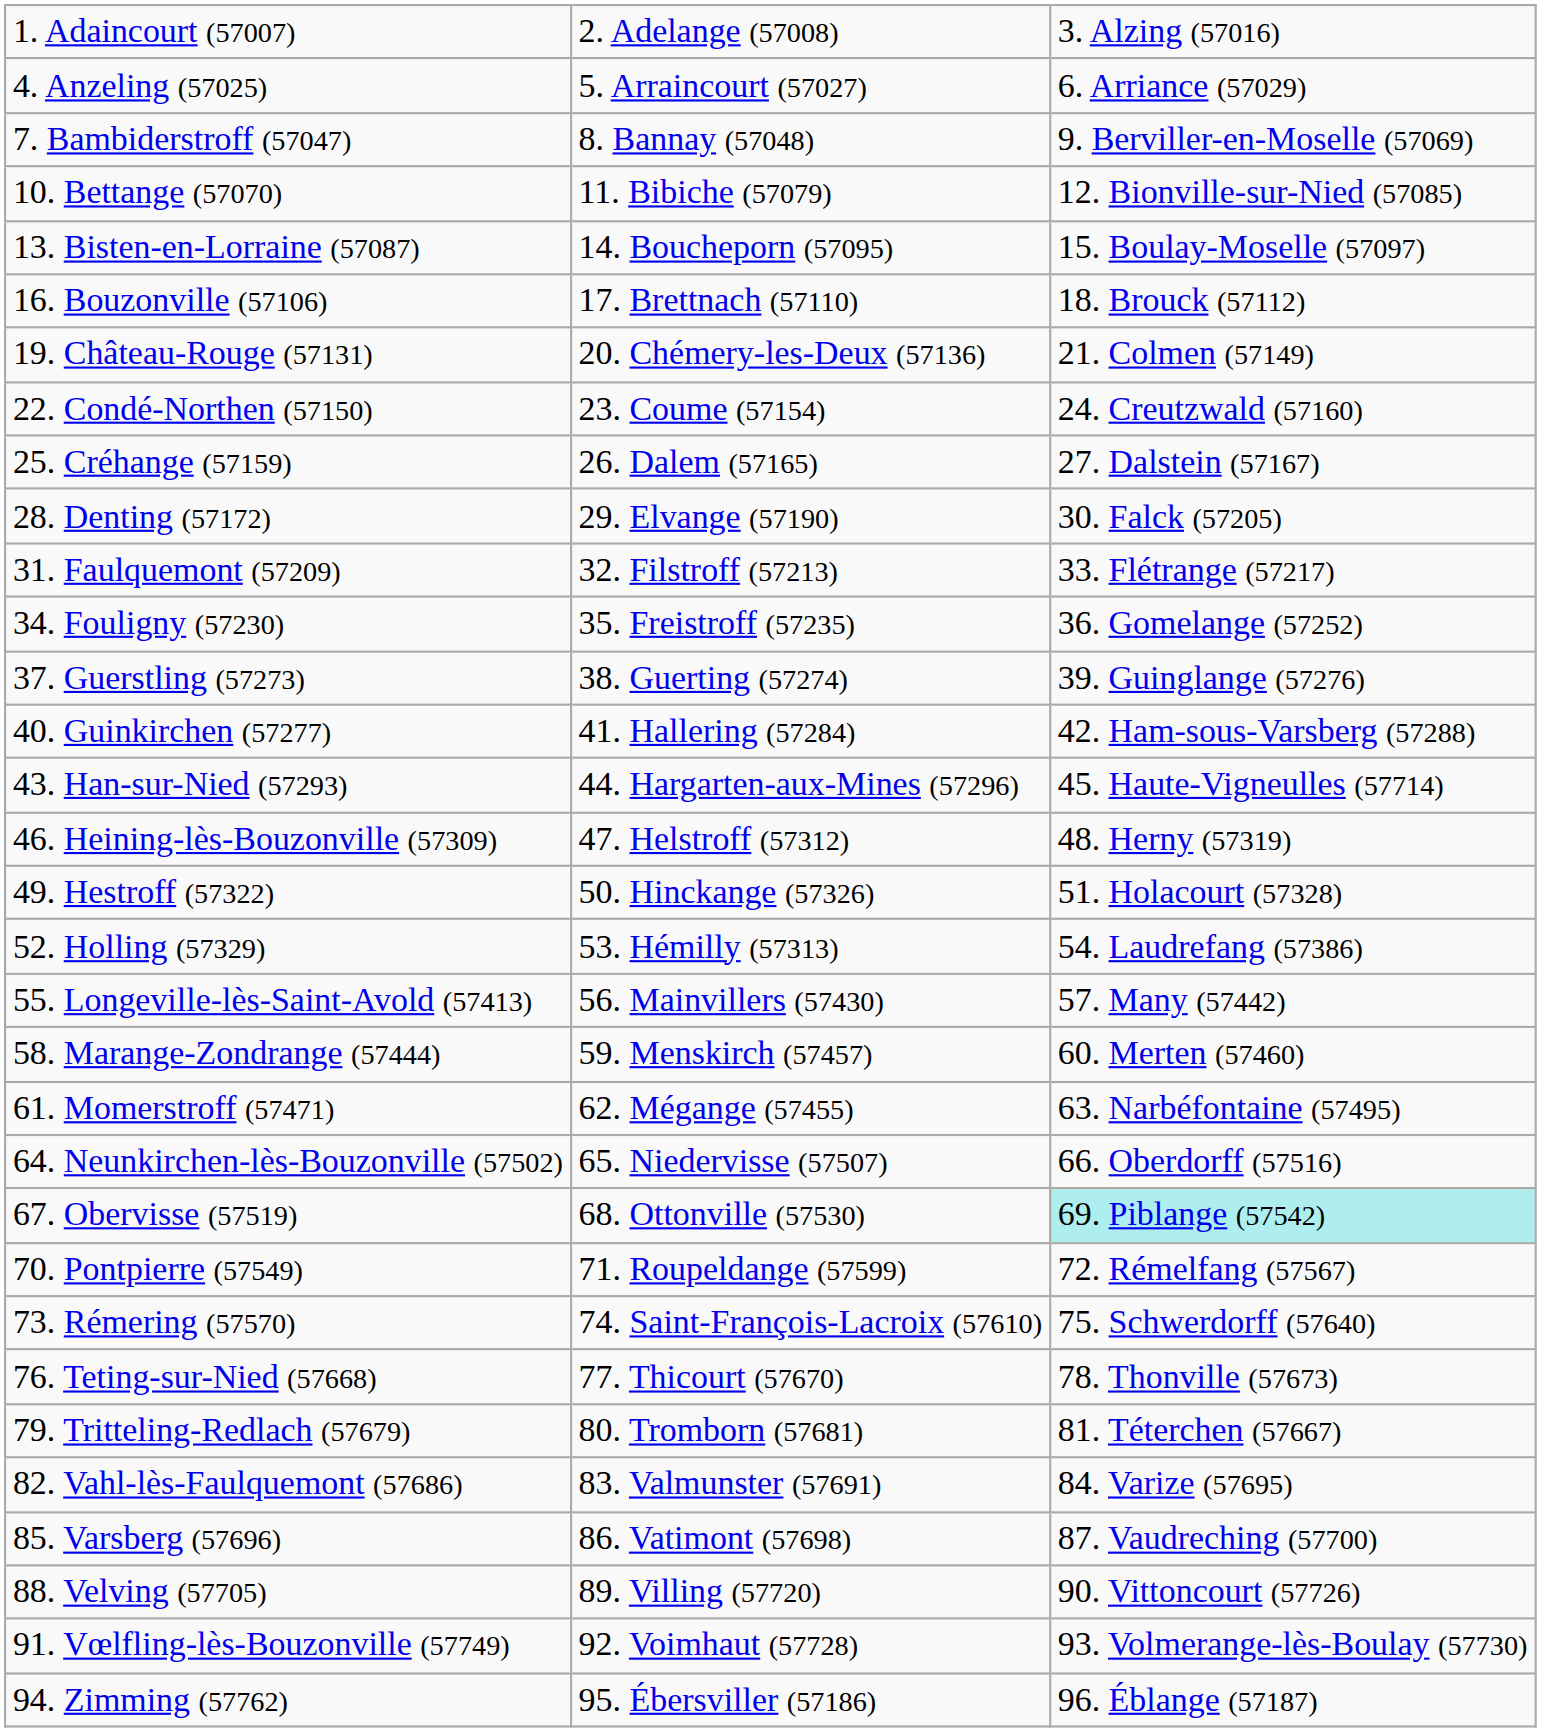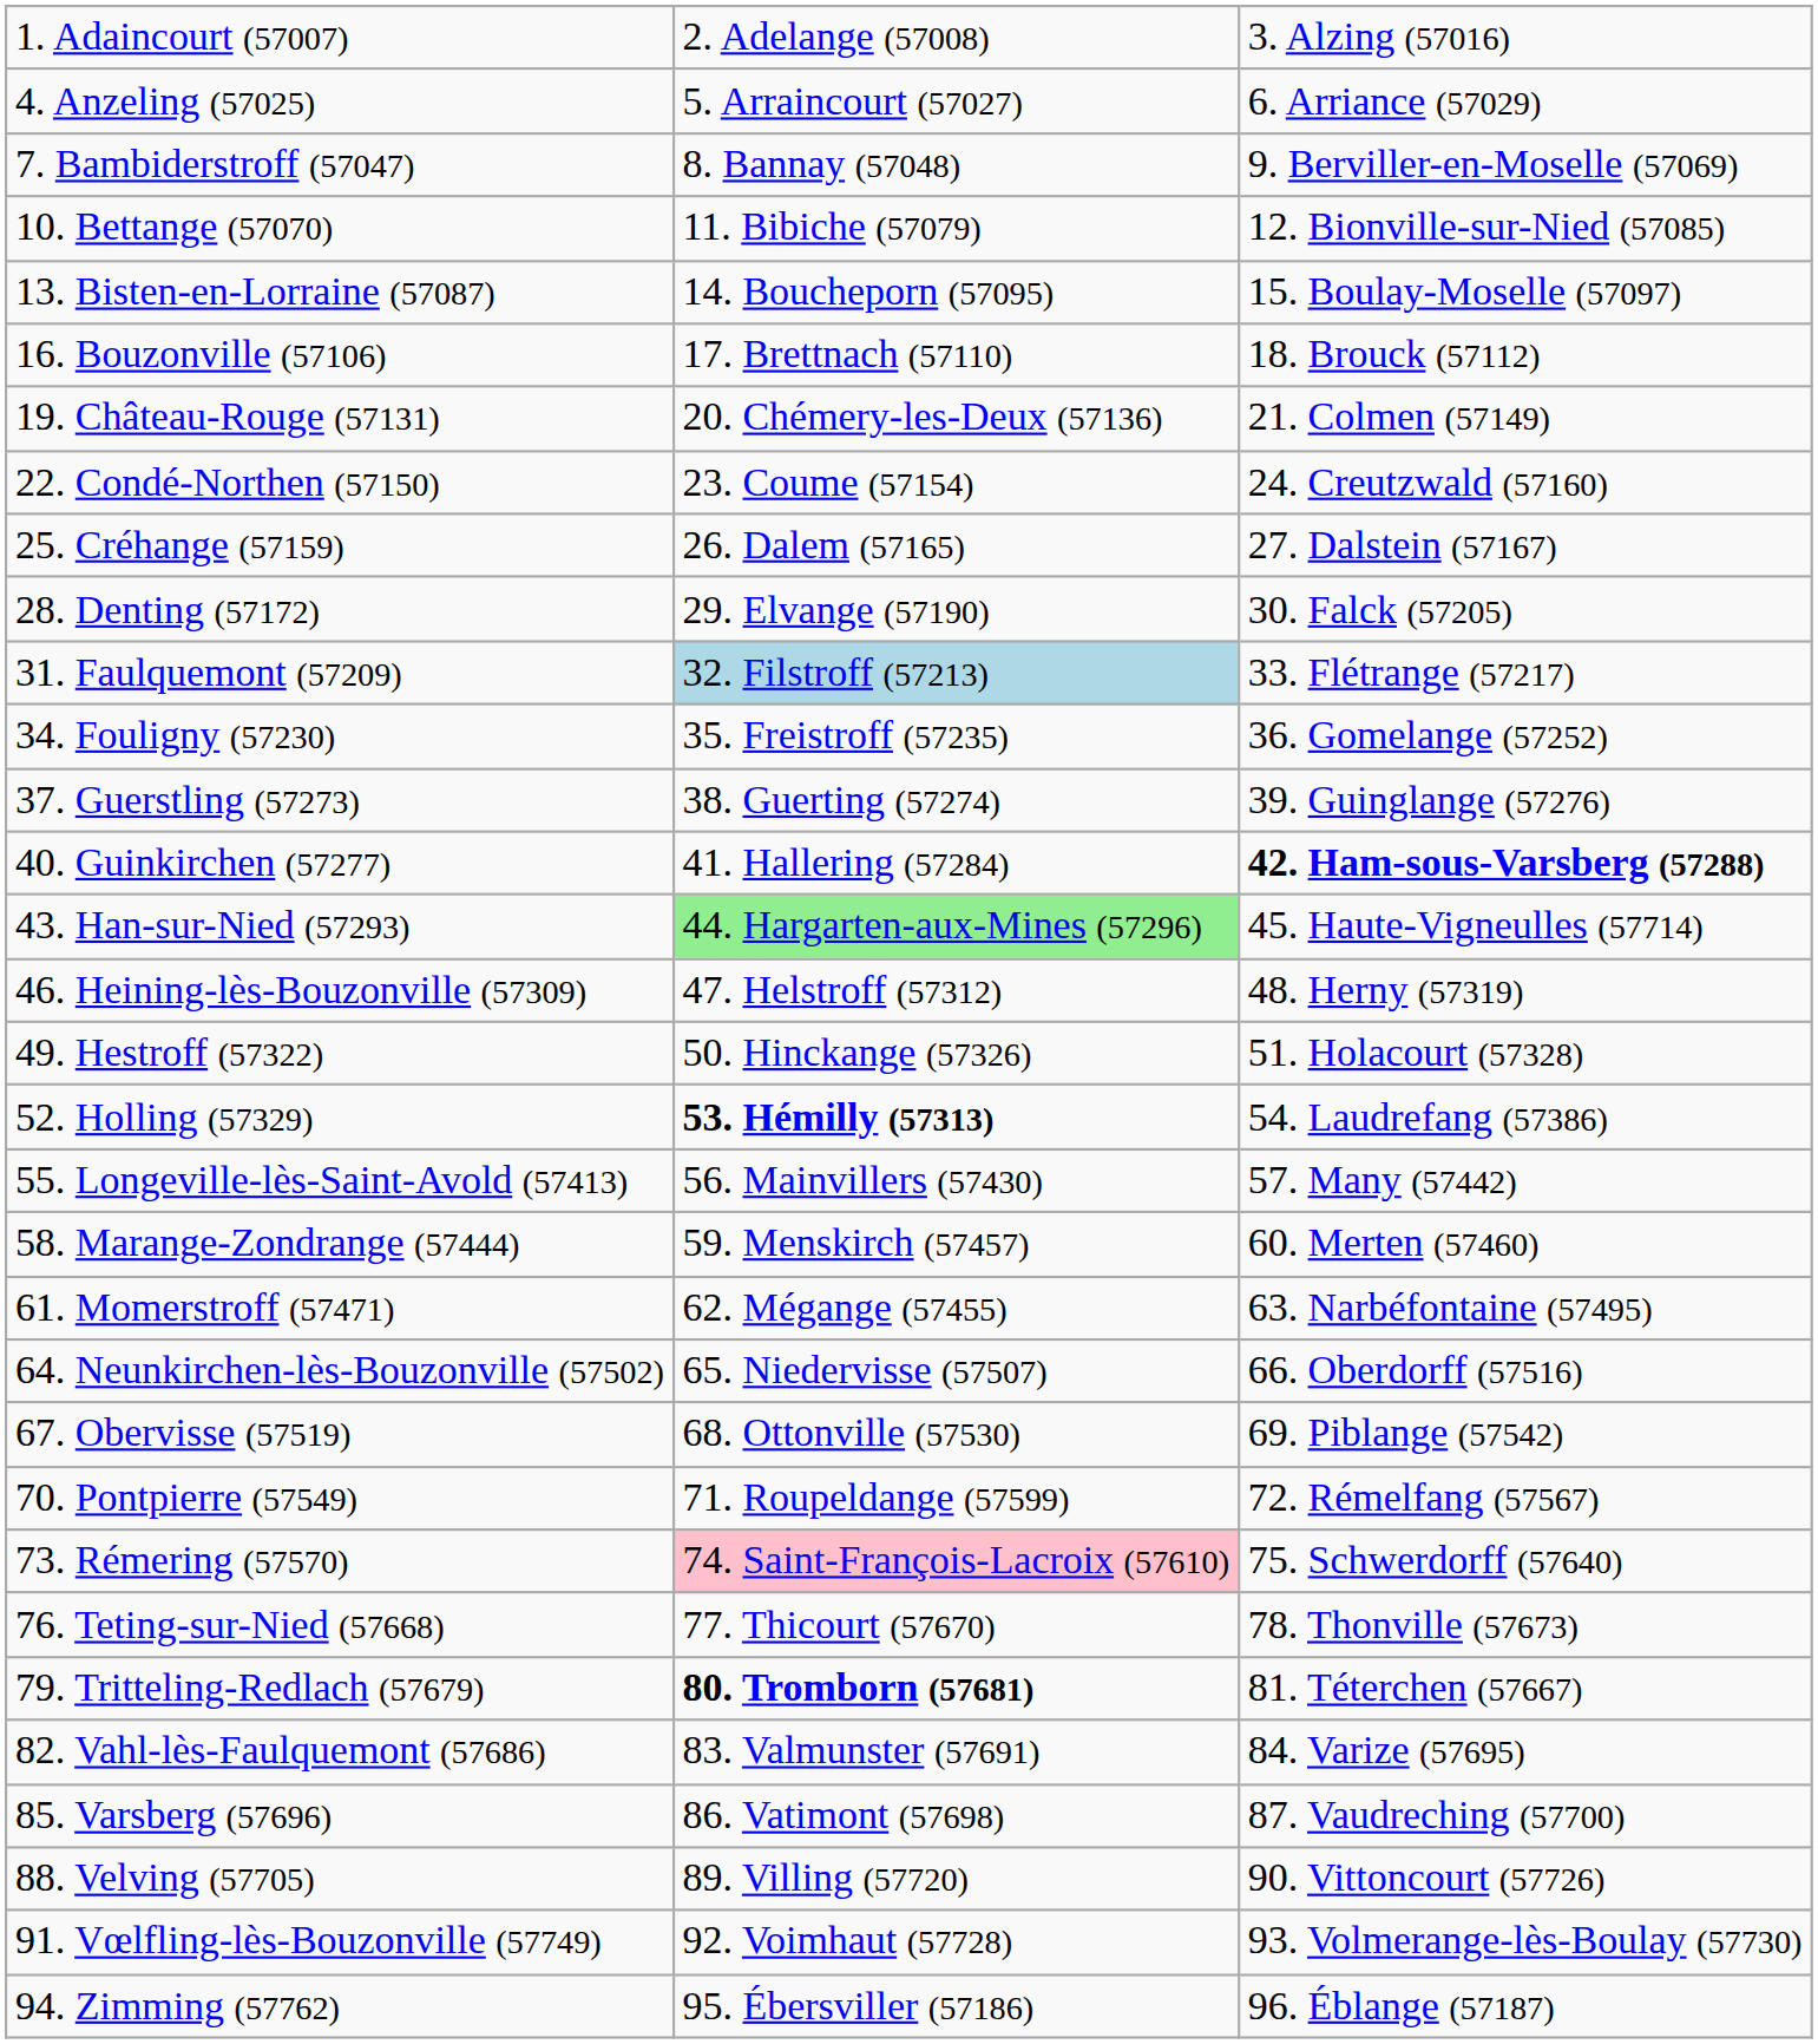 <table class="wikitable">
 <tr>
 <td>1. <a href='#'>Adaincourt</a> <small>(57007)</small></td>
 <td>2. <a href='#'>Adelange</a> <small>(57008)</small></td>
 <td>3. <a href='#'>Alzing</a> <small>(57016)</small></td>
 </tr>
 <tr>
 <td>4. <a href='#'>Anzeling</a> <small>(57025)</small></td>
 <td>5. <a href='#'>Arraincourt</a> <small>(57027)</small></td>
 <td>6. <a href='#'>Arriance</a> <small>(57029)</small></td>
 </tr>
 <tr>
 <td>7. <a href='#'>Bambiderstroff</a> <small>(57047)</small></td>
 <td>8. <a href='#'>Bannay</a> <small>(57048)</small></td>
 <td>9. <a href='#'>Berviller-en-Moselle</a> <small>(57069)</small></td>
 </tr>
 <tr>
 <td>10. <a href='#'>Bettange</a> <small>(57070)</small></td>
 <td>11. <a href='#'>Bibiche</a> <small>(57079)</small></td>
 <td>12. <a href='#'>Bionville-sur-Nied</a> <small>(57085)</small></td>
 </tr>
 <tr>
 <td>13. <a href='#'>Bisten-en-Lorraine</a> <small>(57087)</small></td>
 <td>14. <a href='#'>Boucheporn</a> <small>(57095)</small></td>
 <td>15. <a href='#'>Boulay-Moselle</a> <small>(57097)</small></td>
 </tr>
 <tr>
 <td>16. <a href='#'>Bouzonville</a> <small>(57106)</small></td>
 <td>17. <a href='#'>Brettnach</a> <small>(57110)</small></td>
 <td>18. <a href='#'>Brouck</a> <small>(57112)</small></td>
 </tr>
 <tr>
 <td>19. <a href='#'>Château-Rouge</a> <small>(57131)</small></td>
 <td>20. <a href='#'>Chémery-les-Deux</a> <small>(57136)</small></td>
 <td>21. <a href='#'>Colmen</a> <small>(57149)</small></td>
 </tr>
 <tr>
 <td>22. <a href='#'>Condé-Northen</a> <small>(57150)</small></td>
 <td>23. <a href='#'>Coume</a> <small>(57154)</small></td>
 <td>24. <a href='#'>Creutzwald</a> <small>(57160)</small></td>
 </tr>
 <tr>
 <td>25. <a href='#'>Créhange</a> <small>(57159)</small></td>
 <td>26. <a href='#'>Dalem</a> <small>(57165)</small></td>
 <td>27. <a href='#'>Dalstein</a> <small>(57167)</small></td>
 </tr>
 <tr>
 <td>28. <a href='#'>Denting</a> <small>(57172)</small></td>
 <td>29. <a href='#'>Elvange</a> <small>(57190)</small></td>
 <td>30. <a href='#'>Falck</a> <small>(57205)</small></td>
 </tr>
 <tr>
 <td>31. <a href='#'>Faulquemont</a> <small>(57209)</small></td>
-<td>32. <a href='#'>Filstroff</a> <small>(57213)</small></td>
+<td style="background: lightblue;">32. <a href='#'>Filstroff</a> <small>(57213)</small></td>
 <td>33. <a href='#'>Flétrange</a> <small>(57217)</small></td>
 </tr>
 <tr>
 <td>34. <a href='#'>Fouligny</a> <small>(57230)</small></td>
 <td>35. <a href='#'>Freistroff</a> <small>(57235)</small></td>
 <td>36. <a href='#'>Gomelange</a> <small>(57252)</small></td>
 </tr>
 <tr>
 <td>37. <a href='#'>Guerstling</a> <small>(57273)</small></td>
 <td>38. <a href='#'>Guerting</a> <small>(57274)</small></td>
 <td>39. <a href='#'>Guinglange</a> <small>(57276)</small></td>
 </tr>
 <tr>
 <td>40. <a href='#'>Guinkirchen</a> <small>(57277)</small></td>
 <td>41. <a href='#'>Hallering</a> <small>(57284)</small></td>
-<td>42. <a href='#'>Ham-sous-Varsberg</a> <small>(57288)</small></td>
+<td><strong>42. <a href='#'>Ham-sous-Varsberg</a> <small>(57288)</small></strong></td>
 </tr>
 <tr>
 <td>43. <a href='#'>Han-sur-Nied</a> <small>(57293)</small></td>
-<td>44. <a href='#'>Hargarten-aux-Mines</a> <small>(57296)</small></td>
+<td style="background: lightgreen;">44. <a href='#'>Hargarten-aux-Mines</a> <small>(57296)</small></td>
 <td>45. <a href='#'>Haute-Vigneulles</a> <small>(57714)</small></td>
 </tr>
 <tr>
 <td>46. <a href='#'>Heining-lès-Bouzonville</a> <small>(57309)</small></td>
 <td>47. <a href='#'>Helstroff</a> <small>(57312)</small></td>
 <td>48. <a href='#'>Herny</a> <small>(57319)</small></td>
 </tr>
 <tr>
 <td>49. <a href='#'>Hestroff</a> <small>(57322)</small></td>
 <td>50. <a href='#'>Hinckange</a> <small>(57326)</small></td>
 <td>51. <a href='#'>Holacourt</a> <small>(57328)</small></td>
 </tr>
 <tr>
 <td>52. <a href='#'>Holling</a> <small>(57329)</small></td>
-<td>53. <a href='#'>Hémilly</a> <small>(57313)</small></td>
+<td><strong>53. <a href='#'>Hémilly</a> <small>(57313)</small></strong></td>
 <td>54. <a href='#'>Laudrefang</a> <small>(57386)</small></td>
 </tr>
 <tr>
 <td>55. <a href='#'>Longeville-lès-Saint-Avold</a> <small>(57413)</small></td>
 <td>56. <a href='#'>Mainvillers</a> <small>(57430)</small></td>
 <td>57. <a href='#'>Many</a> <small>(57442)</small></td>
 </tr>
 <tr>
 <td>58. <a href='#'>Marange-Zondrange</a> <small>(57444)</small></td>
 <td>59. <a href='#'>Menskirch</a> <small>(57457)</small></td>
 <td>60. <a href='#'>Merten</a> <small>(57460)</small></td>
 </tr>
 <tr>
 <td>61. <a href='#'>Momerstroff</a> <small>(57471)</small></td>
 <td>62. <a href='#'>Mégange</a> <small>(57455)</small></td>
 <td>63. <a href='#'>Narbéfontaine</a> <small>(57495)</small></td>
 </tr>
 <tr>
 <td>64. <a href='#'>Neunkirchen-lès-Bouzonville</a> <small>(57502)</small></td>
 <td>65. <a href='#'>Niedervisse</a> <small>(57507)</small></td>
 <td>66. <a href='#'>Oberdorff</a> <small>(57516)</small></td>
 </tr>
 <tr>
 <td>67. <a href='#'>Obervisse</a> <small>(57519)</small></td>
 <td>68. <a href='#'>Ottonville</a> <small>(57530)</small></td>
-<td style="background: paleturquoise;">69. <a href='#'>Piblange</a> <small>(57542)</small></td>
+<td>69. <a href='#'>Piblange</a> <small>(57542)</small></td>
 </tr>
 <tr>
 <td>70. <a href='#'>Pontpierre</a> <small>(57549)</small></td>
 <td>71. <a href='#'>Roupeldange</a> <small>(57599)</small></td>
 <td>72. <a href='#'>Rémelfang</a> <small>(57567)</small></td>
 </tr>
 <tr>
 <td>73. <a href='#'>Rémering</a> <small>(57570)</small></td>
-<td>74. <a href='#'>Saint-François-Lacroix</a> <small>(57610)</small></td>
+<td style="background: pink;">74. <a href='#'>Saint-François-Lacroix</a> <small>(57610)</small></td>
 <td>75. <a href='#'>Schwerdorff</a> <small>(57640)</small></td>
 </tr>
 <tr>
 <td>76. <a href='#'>Teting-sur-Nied</a> <small>(57668)</small></td>
 <td>77. <a href='#'>Thicourt</a> <small>(57670)</small></td>
 <td>78. <a href='#'>Thonville</a> <small>(57673)</small></td>
 </tr>
 <tr>
 <td>79. <a href='#'>Tritteling-Redlach</a> <small>(57679)</small></td>
-<td>80. <a href='#'>Tromborn</a> <small>(57681)</small></td>
+<td><strong>80. <a href='#'>Tromborn</a> <small>(57681)</small></strong></td>
 <td>81. <a href='#'>Téterchen</a> <small>(57667)</small></td>
 </tr>
 <tr>
 <td>82. <a href='#'>Vahl-lès-Faulquemont</a> <small>(57686)</small></td>
 <td>83. <a href='#'>Valmunster</a> <small>(57691)</small></td>
 <td>84. <a href='#'>Varize</a> <small>(57695)</small></td>
 </tr>
 <tr>
 <td>85. <a href='#'>Varsberg</a> <small>(57696)</small></td>
 <td>86. <a href='#'>Vatimont</a> <small>(57698)</small></td>
 <td>87. <a href='#'>Vaudreching</a> <small>(57700)</small></td>
 </tr>
 <tr>
 <td>88. <a href='#'>Velving</a> <small>(57705)</small></td>
 <td>89. <a href='#'>Villing</a> <small>(57720)</small></td>
 <td>90. <a href='#'>Vittoncourt</a> <small>(57726)</small></td>
 </tr>
 <tr>
 <td>91. <a href='#'>Vœlfling-lès-Bouzonville</a> <small>(57749)</small></td>
 <td>92. <a href='#'>Voimhaut</a> <small>(57728)</small></td>
 <td>93. <a href='#'>Volmerange-lès-Boulay</a> <small>(57730)</small></td>
 </tr>
 <tr>
 <td>94. <a href='#'>Zimming</a> <small>(57762)</small></td>
 <td>95. <a href='#'>Ébersviller</a> <small>(57186)</small></td>
 <td>96. <a href='#'>Éblange</a> <small>(57187)</small></td>
 </tr>
 </table>
